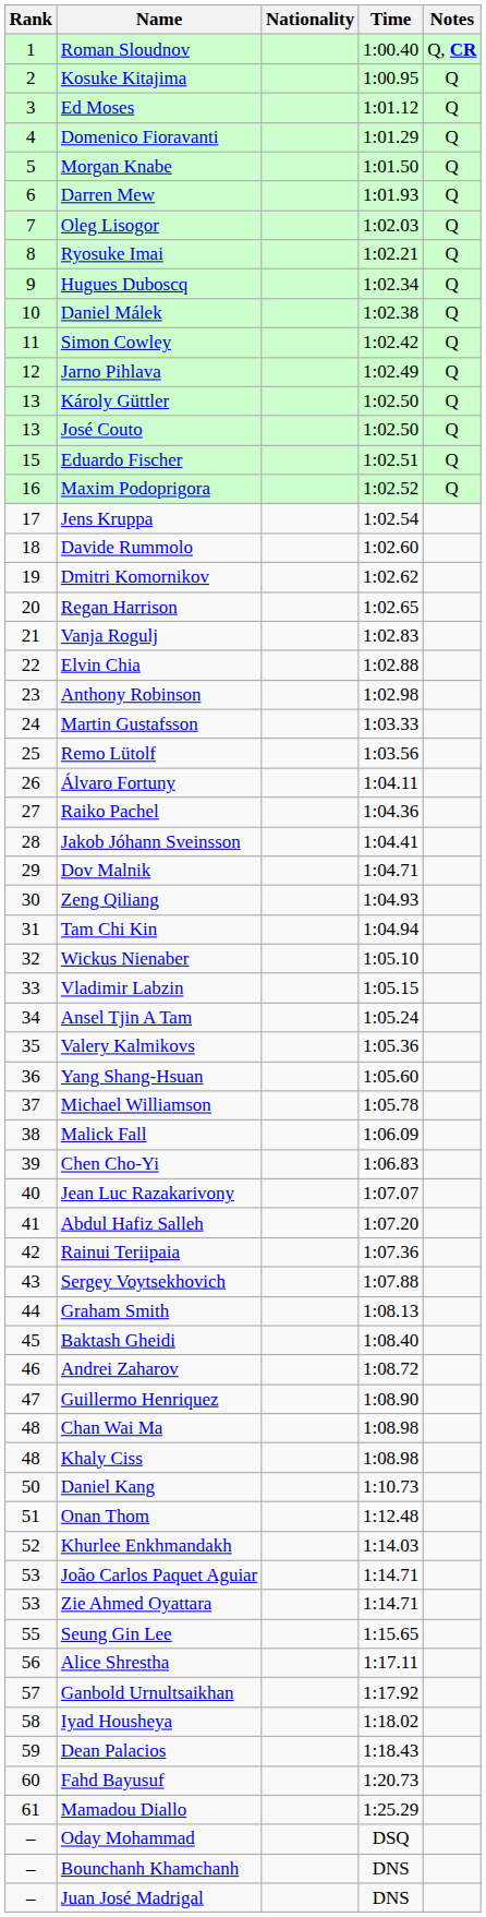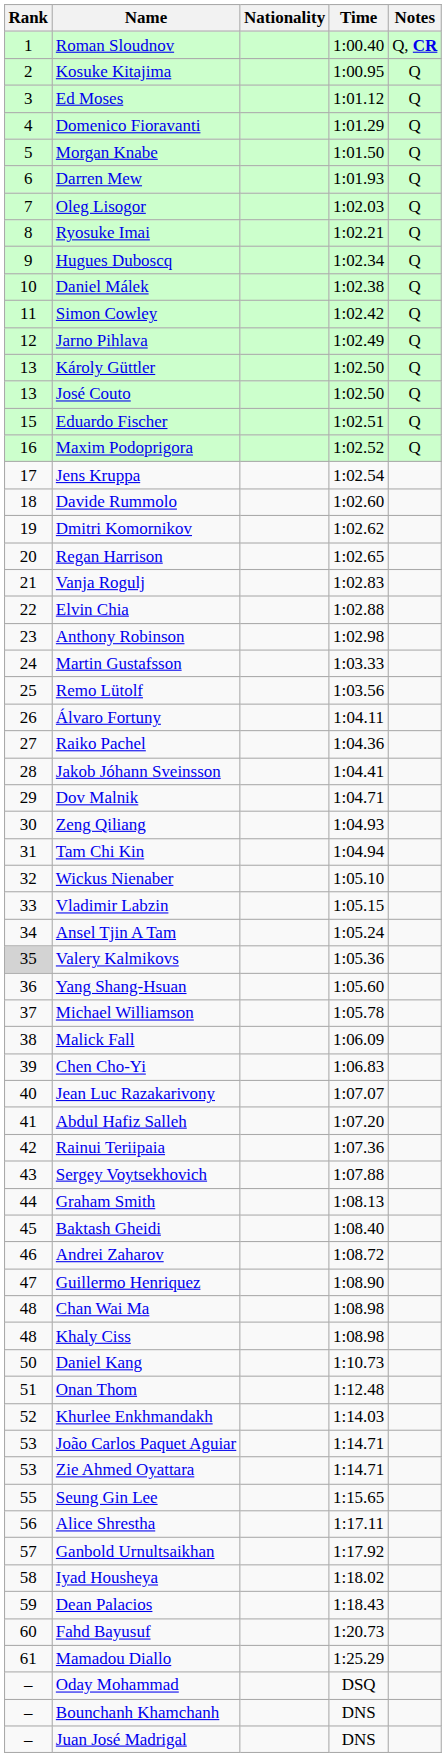 <table class="wikitable sortable" style="text-align:center">
 <tr>
 <th>Rank</th>
 <th>Name</th>
 <th>Nationality</th>
 <th>Time</th>
 <th>Notes</th>
 </tr>
 <tr bgcolor=ccffcc>
 <td>1</td>
 <td align=left><a href='#'>Roman Sloudnov</a></td>
 <td align=left></td>
 <td>1:00.40</td>
 <td>Q, <strong><a href='#'>CR</a></strong></td>
 </tr>
 <tr bgcolor=ccffcc>
 <td>2</td>
 <td align=left><a href='#'>Kosuke Kitajima</a></td>
 <td align=left></td>
 <td>1:00.95</td>
 <td>Q</td>
 </tr>
 <tr bgcolor=ccffcc>
 <td>3</td>
 <td align=left><a href='#'>Ed Moses</a></td>
 <td align=left></td>
 <td>1:01.12</td>
 <td>Q</td>
 </tr>
 <tr bgcolor=ccffcc>
 <td>4</td>
 <td align=left><a href='#'>Domenico Fioravanti</a></td>
 <td align=left></td>
 <td>1:01.29</td>
 <td>Q</td>
 </tr>
 <tr bgcolor=ccffcc>
 <td>5</td>
 <td align=left><a href='#'>Morgan Knabe</a></td>
 <td align=left></td>
 <td>1:01.50</td>
 <td>Q</td>
 </tr>
 <tr bgcolor=ccffcc>
 <td>6</td>
 <td align=left><a href='#'>Darren Mew</a></td>
 <td align=left></td>
 <td>1:01.93</td>
 <td>Q</td>
 </tr>
 <tr bgcolor=ccffcc>
 <td>7</td>
 <td align=left><a href='#'>Oleg Lisogor</a></td>
 <td align=left></td>
 <td>1:02.03</td>
 <td>Q</td>
 </tr>
 <tr bgcolor=ccffcc>
 <td>8</td>
 <td align=left><a href='#'>Ryosuke Imai</a></td>
 <td align=left></td>
 <td>1:02.21</td>
 <td>Q</td>
 </tr>
 <tr bgcolor=ccffcc>
 <td>9</td>
 <td align=left><a href='#'>Hugues Duboscq</a></td>
 <td align=left></td>
 <td>1:02.34</td>
 <td>Q</td>
 </tr>
 <tr bgcolor=ccffcc>
 <td>10</td>
 <td align=left><a href='#'>Daniel Málek</a></td>
 <td align=left></td>
 <td>1:02.38</td>
 <td>Q</td>
 </tr>
 <tr bgcolor=ccffcc>
 <td>11</td>
 <td align=left><a href='#'>Simon Cowley</a></td>
 <td align=left></td>
 <td>1:02.42</td>
 <td>Q</td>
 </tr>
 <tr bgcolor=ccffcc>
 <td>12</td>
 <td align=left><a href='#'>Jarno Pihlava</a></td>
 <td align=left></td>
 <td>1:02.49</td>
 <td>Q</td>
 </tr>
 <tr bgcolor=ccffcc>
 <td>13</td>
 <td align=left><a href='#'>Károly Güttler</a></td>
 <td align=left></td>
 <td>1:02.50</td>
 <td>Q</td>
 </tr>
 <tr bgcolor=ccffcc>
 <td>13</td>
 <td align=left><a href='#'>José Couto</a></td>
 <td align=left></td>
 <td>1:02.50</td>
 <td>Q</td>
 </tr>
 <tr bgcolor=ccffcc>
 <td>15</td>
 <td align=left><a href='#'>Eduardo Fischer</a></td>
 <td align=left></td>
 <td>1:02.51</td>
 <td>Q</td>
 </tr>
 <tr bgcolor=ccffcc>
 <td>16</td>
 <td align=left><a href='#'>Maxim Podoprigora</a></td>
 <td align=left></td>
 <td>1:02.52</td>
 <td>Q</td>
 </tr>
 <tr>
 <td>17</td>
 <td align=left><a href='#'>Jens Kruppa</a></td>
 <td align=left></td>
 <td>1:02.54</td>
 <td></td>
 </tr>
 <tr>
 <td>18</td>
 <td align=left><a href='#'>Davide Rummolo</a></td>
 <td align=left></td>
 <td>1:02.60</td>
 <td></td>
 </tr>
 <tr>
 <td>19</td>
 <td align=left><a href='#'>Dmitri Komornikov</a></td>
 <td align=left></td>
 <td>1:02.62</td>
 <td></td>
 </tr>
 <tr>
 <td>20</td>
 <td align=left><a href='#'>Regan Harrison</a></td>
 <td align=left></td>
 <td>1:02.65</td>
 <td></td>
 </tr>
 <tr>
 <td>21</td>
 <td align=left><a href='#'>Vanja Rogulj</a></td>
 <td align=left></td>
 <td>1:02.83</td>
 <td></td>
 </tr>
 <tr>
 <td>22</td>
 <td align=left><a href='#'>Elvin Chia</a></td>
 <td align=left></td>
 <td>1:02.88</td>
 <td></td>
 </tr>
 <tr>
 <td>23</td>
 <td align=left><a href='#'>Anthony Robinson</a></td>
 <td align=left></td>
 <td>1:02.98</td>
 <td></td>
 </tr>
 <tr>
 <td>24</td>
 <td align=left><a href='#'>Martin Gustafsson</a></td>
 <td align=left></td>
 <td>1:03.33</td>
 <td></td>
 </tr>
 <tr>
 <td>25</td>
 <td align=left><a href='#'>Remo Lütolf</a></td>
 <td align=left></td>
 <td>1:03.56</td>
 <td></td>
 </tr>
 <tr>
 <td>26</td>
 <td align=left><a href='#'>Álvaro Fortuny</a></td>
 <td align=left></td>
 <td>1:04.11</td>
 <td></td>
 </tr>
 <tr>
 <td>27</td>
 <td align=left><a href='#'>Raiko Pachel</a></td>
 <td align=left></td>
 <td>1:04.36</td>
 <td></td>
 </tr>
 <tr>
 <td>28</td>
 <td align=left><a href='#'>Jakob Jóhann Sveinsson</a></td>
 <td align=left></td>
 <td>1:04.41</td>
 <td></td>
 </tr>
 <tr>
 <td>29</td>
 <td align=left><a href='#'>Dov Malnik</a></td>
 <td align=left></td>
 <td>1:04.71</td>
 <td></td>
 </tr>
 <tr>
 <td>30</td>
 <td align=left><a href='#'>Zeng Qiliang</a></td>
 <td align=left></td>
 <td>1:04.93</td>
 <td></td>
 </tr>
 <tr>
 <td>31</td>
 <td align=left><a href='#'>Tam Chi Kin</a></td>
 <td align=left></td>
 <td>1:04.94</td>
 <td></td>
 </tr>
 <tr>
 <td>32</td>
 <td align=left><a href='#'>Wickus Nienaber</a></td>
 <td align=left></td>
 <td>1:05.10</td>
 <td></td>
 </tr>
 <tr>
 <td>33</td>
 <td align=left><a href='#'>Vladimir Labzin</a></td>
 <td align=left></td>
 <td>1:05.15</td>
 <td></td>
 </tr>
 <tr>
 <td>34</td>
 <td align=left><a href='#'>Ansel Tjin A Tam</a></td>
 <td align=left></td>
 <td>1:05.24</td>
 <td></td>
 </tr>
 <tr>
-<td>35</td>
+<td style="background: lightgrey;">35</td>
 <td align=left><a href='#'>Valery Kalmikovs</a></td>
 <td align=left></td>
 <td>1:05.36</td>
 <td></td>
 </tr>
 <tr>
 <td>36</td>
 <td align=left><a href='#'>Yang Shang-Hsuan</a></td>
 <td align=left></td>
 <td>1:05.60</td>
 <td></td>
 </tr>
 <tr>
 <td>37</td>
 <td align=left><a href='#'>Michael Williamson</a></td>
 <td align=left></td>
 <td>1:05.78</td>
 <td></td>
 </tr>
 <tr>
 <td>38</td>
 <td align=left><a href='#'>Malick Fall</a></td>
 <td align=left></td>
 <td>1:06.09</td>
 <td></td>
 </tr>
 <tr>
 <td>39</td>
 <td align=left><a href='#'>Chen Cho-Yi</a></td>
 <td align=left></td>
 <td>1:06.83</td>
 <td></td>
 </tr>
 <tr>
 <td>40</td>
 <td align=left><a href='#'>Jean Luc Razakarivony</a></td>
 <td align=left></td>
 <td>1:07.07</td>
 <td></td>
 </tr>
 <tr>
 <td>41</td>
 <td align=left><a href='#'>Abdul Hafiz Salleh</a></td>
 <td align=left></td>
 <td>1:07.20</td>
 <td></td>
 </tr>
 <tr>
 <td>42</td>
 <td align=left><a href='#'>Rainui Teriipaia</a></td>
 <td align=left></td>
 <td>1:07.36</td>
 <td></td>
 </tr>
 <tr>
 <td>43</td>
 <td align=left><a href='#'>Sergey Voytsekhovich</a></td>
 <td align=left></td>
 <td>1:07.88</td>
 <td></td>
 </tr>
 <tr>
 <td>44</td>
 <td align=left><a href='#'>Graham Smith</a></td>
 <td align=left></td>
 <td>1:08.13</td>
 <td></td>
 </tr>
 <tr>
 <td>45</td>
 <td align=left><a href='#'>Baktash Gheidi</a></td>
 <td align=left></td>
 <td>1:08.40</td>
 <td></td>
 </tr>
 <tr>
 <td>46</td>
 <td align=left><a href='#'>Andrei Zaharov</a></td>
 <td align=left></td>
 <td>1:08.72</td>
 <td></td>
 </tr>
 <tr>
 <td>47</td>
 <td align=left><a href='#'>Guillermo Henriquez</a></td>
 <td align=left></td>
 <td>1:08.90</td>
 <td></td>
 </tr>
 <tr>
 <td>48</td>
 <td align=left><a href='#'>Chan Wai Ma</a></td>
 <td align=left></td>
 <td>1:08.98</td>
 <td></td>
 </tr>
 <tr>
 <td>48</td>
 <td align=left><a href='#'>Khaly Ciss</a></td>
 <td align=left></td>
 <td>1:08.98</td>
 <td></td>
 </tr>
 <tr>
 <td>50</td>
 <td align=left><a href='#'>Daniel Kang</a></td>
 <td align=left></td>
 <td>1:10.73</td>
 <td></td>
 </tr>
 <tr>
 <td>51</td>
 <td align=left><a href='#'>Onan Thom</a></td>
 <td align=left></td>
 <td>1:12.48</td>
 <td></td>
 </tr>
 <tr>
 <td>52</td>
 <td align=left><a href='#'>Khurlee Enkhmandakh</a></td>
 <td align=left></td>
 <td>1:14.03</td>
 <td></td>
 </tr>
 <tr>
 <td>53</td>
 <td align=left><a href='#'>João Carlos Paquet Aguiar</a></td>
 <td align=left></td>
 <td>1:14.71</td>
 <td></td>
 </tr>
 <tr>
 <td>53</td>
 <td align=left><a href='#'>Zie Ahmed Oyattara</a></td>
 <td align=left></td>
 <td>1:14.71</td>
 <td></td>
 </tr>
 <tr>
 <td>55</td>
 <td align=left><a href='#'>Seung Gin Lee</a></td>
 <td align=left></td>
 <td>1:15.65</td>
 <td></td>
 </tr>
 <tr>
 <td>56</td>
 <td align=left><a href='#'>Alice Shrestha</a></td>
 <td align=left></td>
 <td>1:17.11</td>
 <td></td>
 </tr>
 <tr>
 <td>57</td>
 <td align=left><a href='#'>Ganbold Urnultsaikhan</a></td>
 <td align=left></td>
 <td>1:17.92</td>
 <td></td>
 </tr>
 <tr>
 <td>58</td>
 <td align=left><a href='#'>Iyad Housheya</a></td>
 <td align=left></td>
 <td>1:18.02</td>
 <td></td>
 </tr>
 <tr>
 <td>59</td>
 <td align=left><a href='#'>Dean Palacios</a></td>
 <td align=left></td>
 <td>1:18.43</td>
 <td></td>
 </tr>
 <tr>
 <td>60</td>
 <td align=left><a href='#'>Fahd Bayusuf</a></td>
 <td align=left></td>
 <td>1:20.73</td>
 <td></td>
 </tr>
 <tr>
 <td>61</td>
 <td align=left><a href='#'>Mamadou Diallo</a></td>
 <td align=left></td>
 <td>1:25.29</td>
 <td></td>
 </tr>
 <tr>
 <td>–</td>
 <td align=left><a href='#'>Oday Mohammad</a></td>
 <td align=left></td>
 <td>DSQ</td>
 <td></td>
 </tr>
 <tr>
 <td>–</td>
 <td align=left><a href='#'>Bounchanh Khamchanh</a></td>
 <td align=left></td>
 <td>DNS</td>
 <td></td>
 </tr>
 <tr>
 <td>–</td>
 <td align=left><a href='#'>Juan José Madrigal</a></td>
 <td align=left></td>
 <td>DNS</td>
 <td></td>
 </tr>
 </table>
